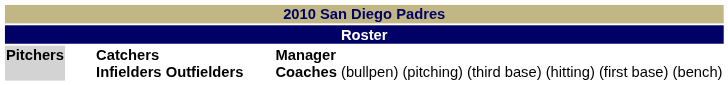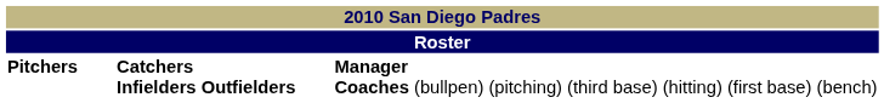 <table class="toccolours" style="font-size: 95%;">
 <tr>
 <th colspan="10" style="background-color: #C1B784; color: #000066; text-align: center;">2010 San Diego Padres</th>
 </tr>
 <tr>
 <td colspan="10" style="background-color: #000066; color: #FFFFFF; text-align: center;"><strong>Roster</strong></td>
 </tr>
 <tr>
-<td valign="top" style="background: lightgrey;"><strong>Pitchers</strong><br>                  </td>
+<td valign="top"><strong>Pitchers</strong><br>                  </td>
 <td width="25px"></td>
 <td valign="top"><strong>Catchers</strong><br>   <strong>Infielders</strong>         <strong>Outfielders</strong>          </td>
 <td width="25px"></td>
 <td valign="top"><strong>Manager</strong><br> <strong>Coaches</strong>  (bullpen)  (pitching)  (third base)  (hitting)  (first base)  (bench)</td>
 </tr>
 </table>
